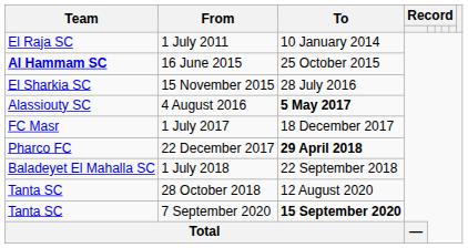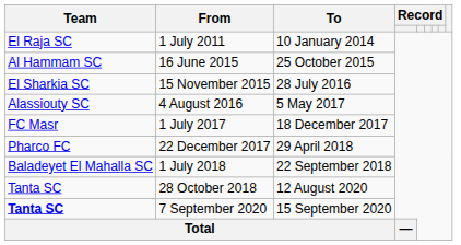 <table class=wikitable style=text-align:center>
 <tr>
 <th rowspan=2>Team</th>
 <th rowspan=2>From</th>
 <th rowspan=2>To</th>
 <th colspan=5>Record</th>
 <th rowspan=2></th>
 </tr>
 <tr>
 <th></th>
 <th></th>
 <th></th>
 <th></th>
 <th></th>
 </tr>
 <tr>
 <td align=left><a href='#'>El Raja SC</a></td>
 <td align=left>1 July 2011</td>
 <td align=left>10 January 2014<br></td>
 </tr>
 <tr>
-<td align=left><strong><a href='#'>Al Hammam SC</a></strong></td>
+<td align=left><a href='#'>Al Hammam SC</a></td>
 <td align=left>16 June 2015</td>
 <td align=left>25 October 2015<br></td>
 </tr>
 <tr>
 <td align=left><a href='#'>El Sharkia SC</a></td>
 <td align=left>15 November 2015</td>
 <td align=left>28 July 2016<br></td>
 </tr>
 <tr>
 <td align=left><a href='#'>Alassiouty SC</a></td>
 <td align=left>4 August 2016</td>
-<td align=left><strong>5 May 2017<br></strong></td>
+<td align=left>5 May 2017<br></td>
 </tr>
 <tr>
 <td align=left><a href='#'>FC Masr</a></td>
 <td align=left>1 July 2017</td>
 <td align=left>18 December 2017<br></td>
 </tr>
 <tr>
 <td align=left><a href='#'>Pharco FC</a></td>
 <td align=left>22 December 2017</td>
-<td align=left><strong>29 April 2018<br></strong></td>
+<td align=left>29 April 2018<br></td>
 </tr>
 <tr>
 <td align=left><a href='#'>Baladeyet El Mahalla SC</a></td>
 <td align=left>1 July 2018</td>
 <td align=left>22 September 2018<br></td>
 </tr>
 <tr>
 <td align=left><a href='#'>Tanta SC</a></td>
 <td align=left>28 October 2018</td>
 <td align=left>12 August 2020<br></td>
 </tr>
 <tr>
-<td align=left><a href='#'>Tanta SC</a></td>
+<td align=left><strong><a href='#'>Tanta SC</a></strong></td>
 <td align=left>7 September 2020</td>
-<td align=left><strong>15 September 2020<br></strong></td>
+<td align=left>15 September 2020<br></td>
 </tr>
 <tr>
 <th colspan=3>Total<br></th>
 <th>—</th>
 </tr>
 </table>
